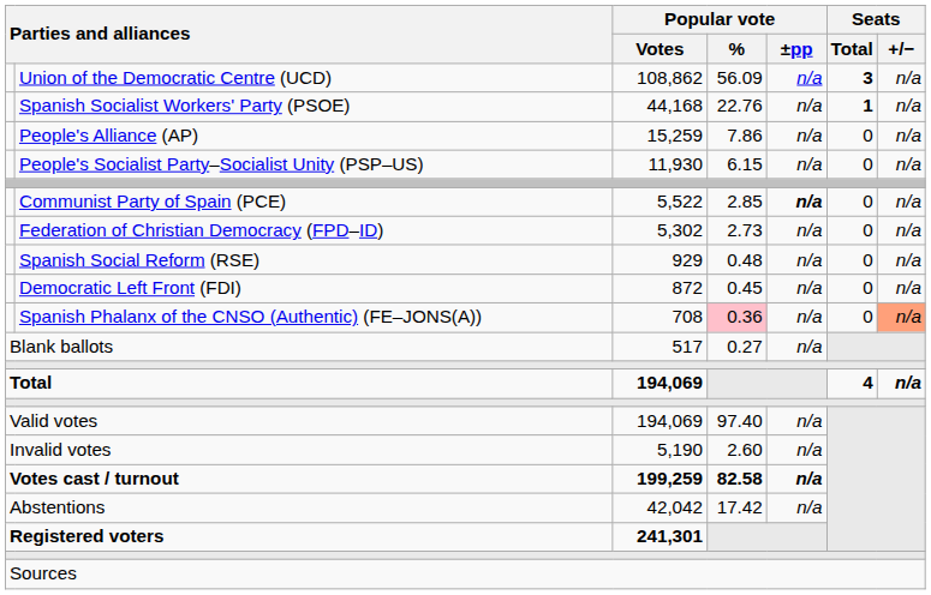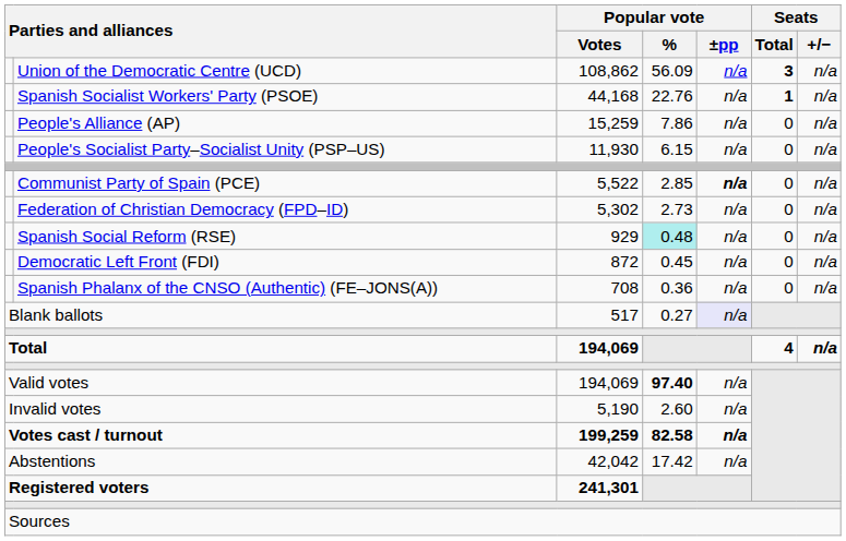 <table class="wikitable" style="text-align:right;">
 <tr>
 <th style="text-align:left;" rowspan="2" colspan="2" width="525">Parties and alliances</th>
 <th colspan="3">Popular vote</th>
 <th colspan="2">Seats</th>
 </tr>
 <tr>
 <th width="75">Votes</th>
 <th width="45">%</th>
 <th width="45">±<a href='#'>pp</a></th>
 <th width="35">Total</th>
 <th width="35">+/−</th>
 </tr>
 <tr>
 <td width="1" style="color:inherit;background:"></td>
 <td align="left"><a href='#'>Union of the Democratic Centre</a> (UCD)</td>
 <td>108,862</td>
 <td>56.09</td>
 <td><em><a href='#'>n/a</a></em></td>
 <td><strong>3</strong></td>
 <td><em>n/a</em></td>
 </tr>
 <tr>
 <td style="color:inherit;background:"></td>
 <td align="left"><a href='#'>Spanish Socialist Workers' Party</a> (PSOE)</td>
 <td>44,168</td>
 <td>22.76</td>
 <td><em>n/a</em></td>
 <td><strong>1</strong></td>
 <td><em>n/a</em></td>
 </tr>
 <tr>
 <td style="color:inherit;background:"></td>
 <td align="left"><a href='#'>People's Alliance</a> (AP)</td>
 <td>15,259</td>
 <td>7.86</td>
 <td><em>n/a</em></td>
 <td>0</td>
 <td><em>n/a</em></td>
 </tr>
 <tr>
 <td style="color:inherit;background:"></td>
 <td align="left"><a href='#'>People's Socialist Party</a>–<a href='#'>Socialist Unity</a> (PSP–US)</td>
 <td>11,930</td>
 <td>6.15</td>
 <td><em>n/a</em></td>
 <td>0</td>
 <td><em>n/a</em></td>
 </tr>
 <tr>
 <td colspan="7" bgcolor="#C0C0C0"></td>
 </tr>
 <tr>
 <td style="color:inherit;background:"></td>
 <td align="left"><a href='#'>Communist Party of Spain</a> (PCE)</td>
 <td>5,522</td>
 <td>2.85</td>
 <td><strong><em>n/a</em></strong></td>
 <td>0</td>
 <td><em>n/a</em></td>
 </tr>
 <tr>
 <td style="color:inherit;background:"></td>
 <td align="left"><a href='#'>Federation of Christian Democracy</a> (<a href='#'>FPD</a>–<a href='#'>ID</a>)</td>
 <td>5,302</td>
 <td>2.73</td>
 <td><em>n/a</em></td>
 <td>0</td>
 <td><em>n/a</em></td>
 </tr>
 <tr>
 <td style="color:inherit;background:"></td>
 <td align="left"><a href='#'>Spanish Social Reform</a> (RSE)</td>
 <td>929</td>
-<td>0.48</td>
+<td style="background: paleturquoise;">0.48</td>
 <td><em>n/a</em></td>
 <td>0</td>
 <td><em>n/a</em></td>
 </tr>
 <tr>
 <td style="color:inherit;background:"></td>
 <td align="left"><a href='#'>Democratic Left Front</a> (FDI)</td>
 <td>872</td>
 <td>0.45</td>
 <td><em>n/a</em></td>
 <td>0</td>
 <td><em>n/a</em></td>
 </tr>
 <tr>
 <td style="color:inherit;background:"></td>
 <td align="left"><a href='#'>Spanish Phalanx of the CNSO (Authentic)</a> (FE–JONS(A))</td>
 <td>708</td>
-<td style="background: pink;">0.36</td>
+<td>0.36</td>
 <td><em>n/a</em></td>
 <td>0</td>
-<td style="background: lightsalmon;"><em>n/a</em></td>
+<td><em>n/a</em></td>
 </tr>
 <tr>
 <td align="left" colspan="2">Blank ballots</td>
 <td>517</td>
 <td>0.27</td>
-<td><em>n/a</em></td>
+<td style="background: lavender;"><em>n/a</em></td>
 <td bgcolor="#E9E9E9" colspan="2"></td>
 </tr>
 <tr>
 <td colspan="7" bgcolor="#E9E9E9"></td>
 </tr>
 <tr style="font-weight:bold;">
 <td align="left" colspan="2">Total</td>
 <td>194,069</td>
 <td bgcolor="#E9E9E9" colspan="2"></td>
 <td>4</td>
 <td><em>n/a</em></td>
 </tr>
 <tr>
 <td colspan="7" bgcolor="#E9E9E9"></td>
 </tr>
 <tr>
 <td align="left" colspan="2">Valid votes</td>
 <td>194,069</td>
-<td>97.40</td>
+<td><strong>97.40</strong></td>
 <td><em>n/a</em></td>
 <td bgcolor="#E9E9E9" colspan="2" rowspan="5"></td>
 </tr>
 <tr>
 <td align="left" colspan="2">Invalid votes</td>
 <td>5,190</td>
 <td>2.60</td>
 <td><em>n/a</em></td>
 </tr>
 <tr style="font-weight:bold;">
 <td align="left" colspan="2">Votes cast / turnout</td>
 <td>199,259</td>
 <td>82.58</td>
 <td><em>n/a</em></td>
 </tr>
 <tr>
 <td align="left" colspan="2">Abstentions</td>
 <td>42,042</td>
 <td>17.42</td>
 <td><em>n/a</em></td>
 </tr>
 <tr style="font-weight:bold;">
 <td align="left" colspan="2">Registered voters</td>
 <td>241,301</td>
 <td bgcolor="#E9E9E9" colspan="2"></td>
 </tr>
 <tr>
 <td colspan="7" bgcolor="#E9E9E9"></td>
 </tr>
 <tr>
 <td align="left" colspan="7">Sources</td>
 </tr>
 </table>
